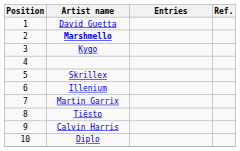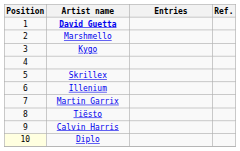 <table class="wikitable sortable plainrowheaders" style="text-align:center;">
 <tr>
 <th scope="col" style="width:4em;" class="unsortable">Position</th>
 <th scope="col" style="width:10em;">Artist name</th>
 <th scope="col" style="width:10em;">Entries</th>
 <th scope="col" style="width:1em;">Ref.</th>
 </tr>
 <tr>
 <td>1</td>
-<td><a href='#'>David Guetta</a></td>
+<td><strong><a href='#'>David Guetta</a></strong></td>
 <td></td>
 <td></td>
 </tr>
 <tr>
 <td>2</td>
-<td><strong><a href='#'>Marshmello</a></strong></td>
+<td><a href='#'>Marshmello</a></td>
 <td></td>
 <td></td>
 </tr>
 <tr>
 <td>3</td>
 <td><a href='#'>Kygo</a></td>
 <td></td>
 <td></td>
 </tr>
 <tr>
 <td>4</td>
 <td></td>
 <td></td>
 <td></td>
 </tr>
 <tr>
 <td>5</td>
 <td><a href='#'>Skrillex</a></td>
 <td></td>
 <td></td>
 </tr>
 <tr>
 <td>6</td>
 <td><a href='#'>Illenium</a></td>
 <td></td>
 <td></td>
 </tr>
 <tr>
 <td>7</td>
 <td><a href='#'>Martin Garrix</a></td>
 <td></td>
 <td></td>
 </tr>
 <tr>
 <td>8</td>
 <td><a href='#'>Tiësto</a></td>
 <td></td>
 <td></td>
 </tr>
 <tr>
 <td>9</td>
 <td><a href='#'>Calvin Harris</a></td>
 <td></td>
 <td></td>
 </tr>
 <tr>
-<td>10</td>
+<td style="background: lightyellow;">10</td>
 <td><a href='#'>Diplo</a></td>
 <td></td>
 <td></td>
 </tr>
 <tr>
 </tr>
 </table>
